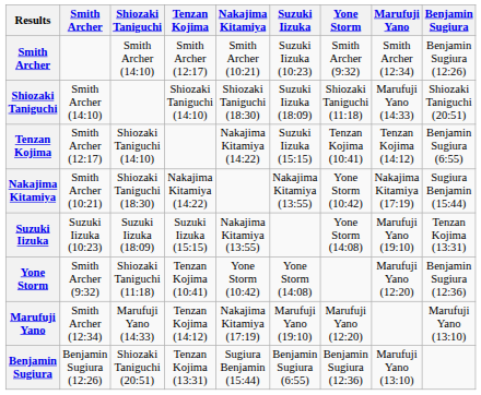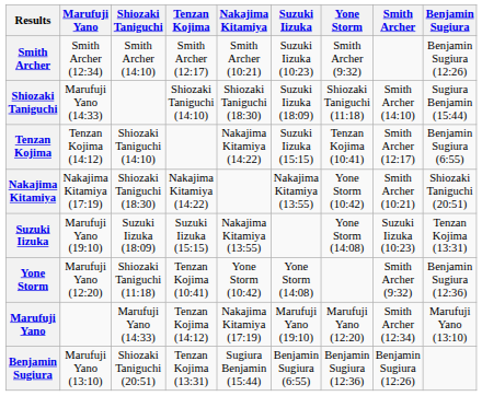 <table class="wikitable" style="margin: 1em auto 1em auto;text-align:center">
 <tr>
 <th>Results</th>
-<th><a href='#'>Smith</a><br><a href='#'>Archer</a></th>
+<th><a href='#'>Marufuji</a><br><a href='#'>Yano</a></th>
 <th><a href='#'>Shiozaki</a><br><a href='#'>Taniguchi</a></th>
 <th><a href='#'>Tenzan</a><br><a href='#'>Kojima</a></th>
 <th><a href='#'>Nakajima</a><br><a href='#'>Kitamiya</a></th>
 <th><a href='#'>Suzuki</a><br><a href='#'>Iizuka</a></th>
 <th><a href='#'>Yone</a><br><a href='#'>Storm</a></th>
-<th><a href='#'>Marufuji</a><br><a href='#'>Yano</a></th>
+<th><a href='#'>Smith</a><br><a href='#'>Archer</a></th>
 <th><a href='#'>Benjamin</a><br><a href='#'>Sugiura</a></th>
 </tr>
 <tr>
 <th><a href='#'>Smith</a><br><a href='#'>Archer</a></th>
-<td></td>
+<td>Smith<br>Archer<br>(12:34)</td>
 <td>Smith<br>Archer<br>(14:10)</td>
 <td>Smith<br>Archer<br>(12:17)</td>
 <td>Smith<br>Archer<br>(10:21)</td>
 <td>Suzuki<br>Iizuka<br>(10:23)</td>
 <td>Smith<br>Archer<br>(9:32)</td>
-<td>Smith<br>Archer<br>(12:34)</td>
+<td></td>
 <td>Benjamin<br>Sugiura<br>(12:26)</td>
 </tr>
 <tr>
 <th><a href='#'>Shiozaki</a><br><a href='#'>Taniguchi</a></th>
-<td>Smith<br>Archer<br>(14:10)</td>
+<td>Marufuji<br>Yano<br>(14:33)</td>
 <td></td>
 <td>Shiozaki<br>Taniguchi<br>(14:10)</td>
 <td>Shiozaki<br>Taniguchi<br>(18:30)</td>
 <td>Suzuki<br>Iizuka<br>(18:09)</td>
 <td>Shiozaki<br>Taniguchi<br>(11:18)</td>
-<td>Marufuji<br>Yano<br>(14:33)</td>
-<td>Shiozaki<br>Taniguchi<br>(20:51)</td>
+<td>Smith<br>Archer<br>(14:10)</td>
+<td>Sugiura<br>Benjamin<br>(15:44)</td>
 </tr>
 <tr>
 <th><a href='#'>Tenzan</a><br><a href='#'>Kojima</a></th>
-<td>Smith<br>Archer<br>(12:17)</td>
+<td>Tenzan<br>Kojima<br>(14:12)</td>
 <td>Shiozaki<br>Taniguchi<br>(14:10)</td>
 <td></td>
 <td>Nakajima<br>Kitamiya<br>(14:22)</td>
 <td>Suzuki<br>Iizuka<br>(15:15)</td>
 <td>Tenzan<br>Kojima<br>(10:41)</td>
-<td>Tenzan<br>Kojima<br>(14:12)</td>
+<td>Smith<br>Archer<br>(12:17)</td>
 <td>Benjamin<br>Sugiura<br>(6:55)</td>
 </tr>
 <tr>
 <th><a href='#'>Nakajima</a><br><a href='#'>Kitamiya</a></th>
-<td>Smith<br>Archer<br>(10:21)</td>
+<td>Nakajima<br>Kitamiya<br>(17:19)</td>
 <td>Shiozaki<br>Taniguchi<br>(18:30)</td>
 <td>Nakajima<br>Kitamiya<br>(14:22)</td>
 <td></td>
 <td>Nakajima<br>Kitamiya<br>(13:55)</td>
 <td>Yone<br>Storm<br>(10:42)</td>
-<td>Nakajima<br>Kitamiya<br>(17:19)</td>
-<td>Sugiura<br>Benjamin<br>(15:44)</td>
+<td>Smith<br>Archer<br>(10:21)</td>
+<td>Shiozaki<br>Taniguchi<br>(20:51)</td>
 </tr>
 <tr>
 <th><a href='#'>Suzuki</a><br><a href='#'>Iizuka</a></th>
-<td>Suzuki<br>Iizuka<br>(10:23)</td>
+<td>Marufuji<br>Yano<br>(19:10)</td>
 <td>Suzuki<br>Iizuka<br>(18:09)</td>
 <td>Suzuki<br>Iizuka<br>(15:15)</td>
 <td>Nakajima<br>Kitamiya<br>(13:55)</td>
 <td></td>
 <td>Yone<br>Storm<br>(14:08)</td>
-<td>Marufuji<br>Yano<br>(19:10)</td>
+<td>Suzuki<br>Iizuka<br>(10:23)</td>
 <td>Tenzan<br>Kojima<br>(13:31)</td>
 </tr>
 <tr>
 <th><a href='#'>Yone</a><br><a href='#'>Storm</a></th>
-<td>Smith<br>Archer<br>(9:32)</td>
+<td>Marufuji<br>Yano<br>(12:20)</td>
 <td>Shiozaki<br>Taniguchi<br>(11:18)</td>
 <td>Tenzan<br>Kojima<br>(10:41)</td>
 <td>Yone<br>Storm<br>(10:42)</td>
 <td>Yone<br>Storm<br>(14:08)</td>
 <td></td>
-<td>Marufuji<br>Yano<br>(12:20)</td>
+<td>Smith<br>Archer<br>(9:32)</td>
 <td>Benjamin<br>Sugiura<br>(12:36)</td>
 </tr>
 <tr>
 <th><a href='#'>Marufuji</a><br><a href='#'>Yano</a></th>
-<td>Smith<br>Archer<br>(12:34)</td>
+<td></td>
 <td>Marufuji<br>Yano<br>(14:33)</td>
 <td>Tenzan<br>Kojima<br>(14:12)</td>
 <td>Nakajima<br>Kitamiya<br>(17:19)</td>
 <td>Marufuji<br>Yano<br>(19:10)</td>
 <td>Marufuji<br>Yano<br>(12:20)</td>
-<td></td>
+<td>Smith<br>Archer<br>(12:34)</td>
 <td>Marufuji<br>Yano<br>(13:10)</td>
 </tr>
 <tr>
 <th><a href='#'>Benjamin</a><br><a href='#'>Sugiura</a></th>
-<td>Benjamin<br>Sugiura<br>(12:26)</td>
+<td>Marufuji<br>Yano<br>(13:10)</td>
 <td>Shiozaki<br>Taniguchi<br>(20:51)</td>
 <td>Tenzan<br>Kojima<br>(13:31)</td>
 <td>Sugiura<br>Benjamin<br>(15:44)</td>
 <td>Benjamin<br>Sugiura<br>(6:55)</td>
 <td>Benjamin<br>Sugiura<br>(12:36)</td>
-<td>Marufuji<br>Yano<br>(13:10)</td>
+<td>Benjamin<br>Sugiura<br>(12:26)</td>
 <td></td>
 </tr>
 </table>
